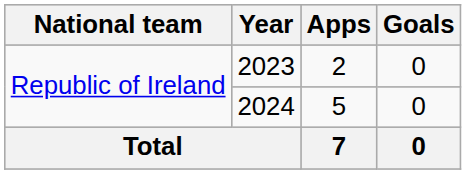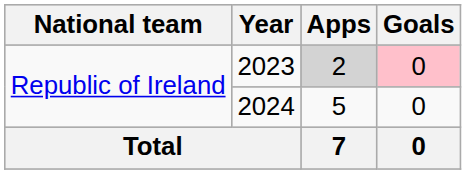 <table class="wikitable" style="text-align:center">
 <tr>
 <th>National team</th>
 <th>Year</th>
 <th>Apps</th>
 <th>Goals</th>
 </tr>
 <tr>
 <td rowspan="2"><a href='#'>Republic of Ireland</a></td>
 <td>2023</td>
-<td>2</td>
-<td>0</td>
+<td style="background: lightgrey;">2</td>
+<td style="background: pink;">0</td>
 </tr>
 <tr>
 <td>2024</td>
 <td>5</td>
 <td>0</td>
 </tr>
 <tr>
 <th colspan="2">Total</th>
 <th>7</th>
 <th>0</th>
 </tr>
 </table>
